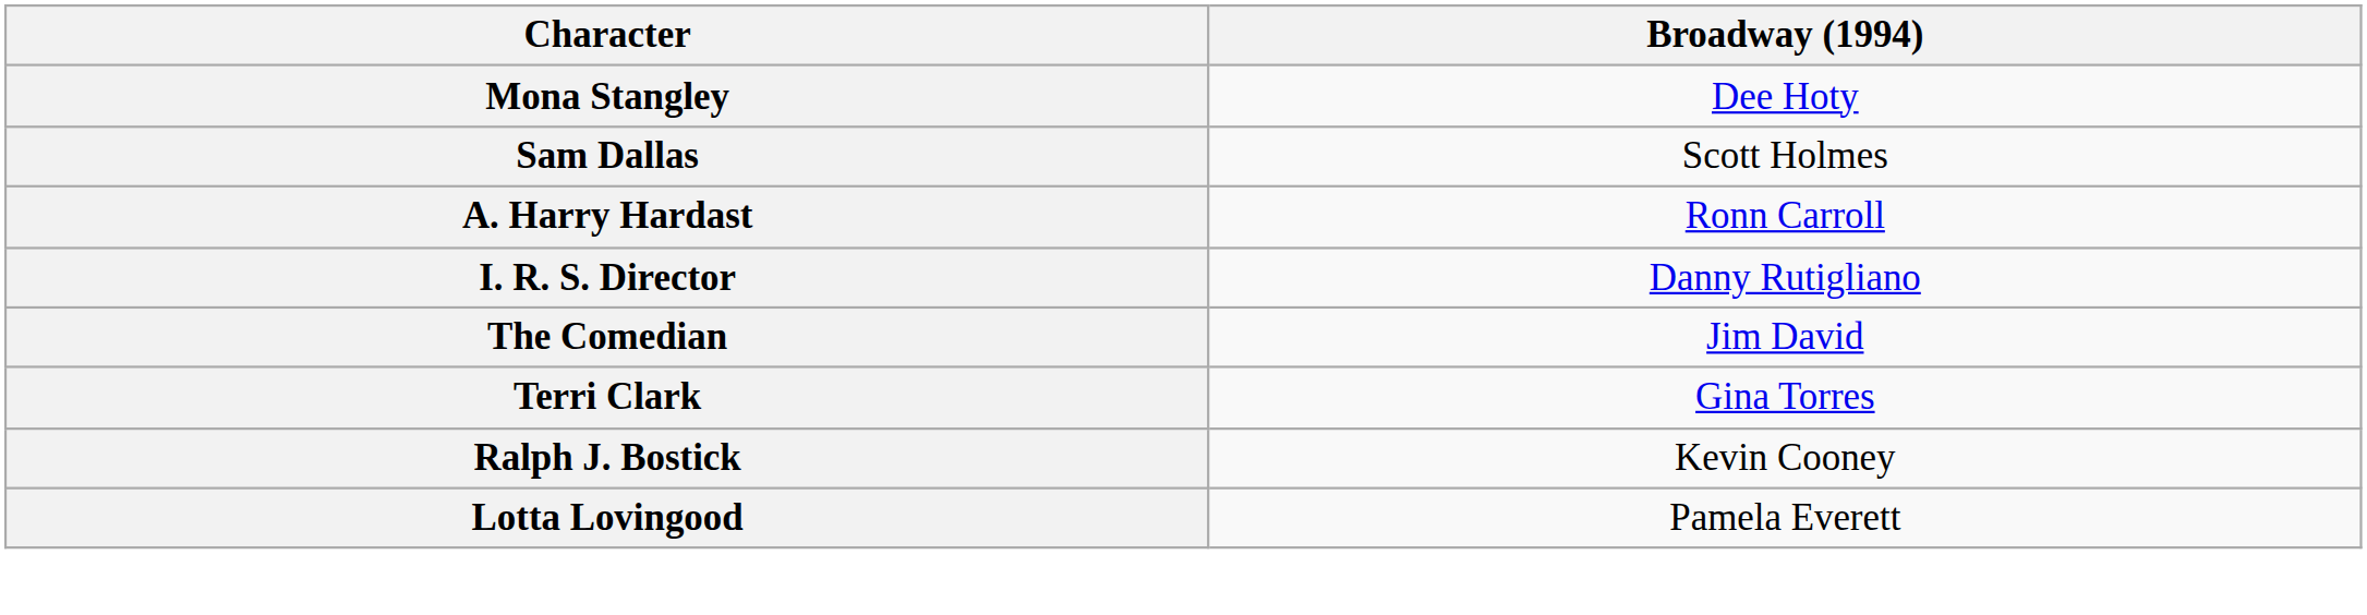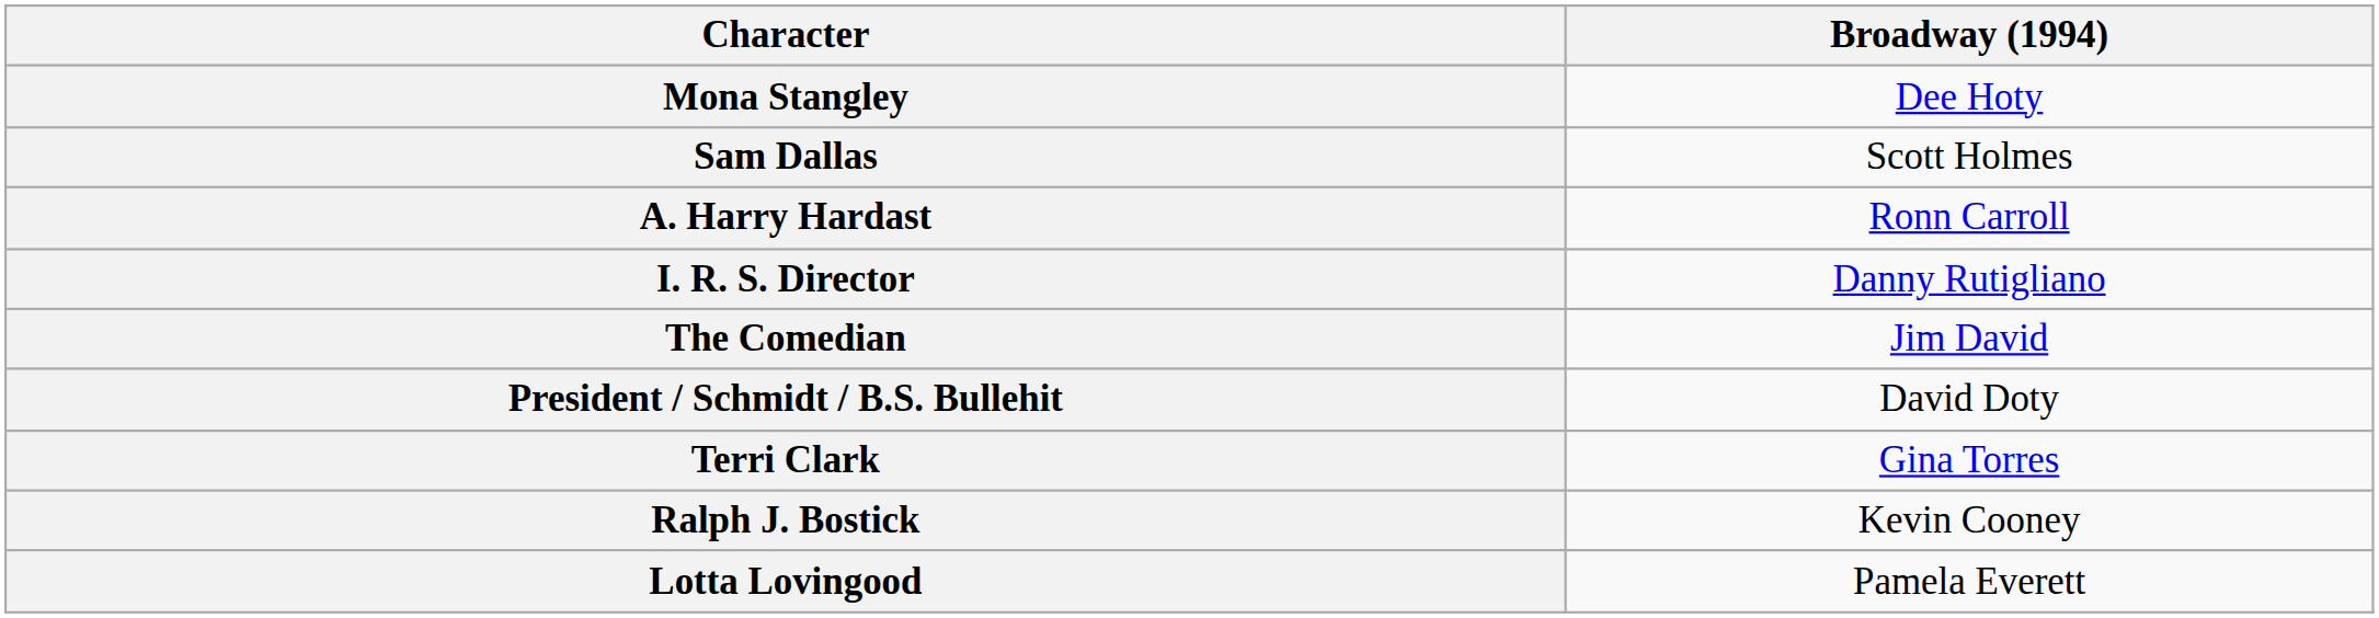 <table class="wikitable" style="width:50%; text-align:center">
 <tr>
 <th scope="col">Character</th>
 <th>Broadway (1994)</th>
 </tr>
 <tr>
 <th>Mona  Stangley</th>
 <td colspan="1"><a href='#'>Dee Hoty</a></td>
 </tr>
 <tr>
 <th>Sam Dallas</th>
 <td colspan="1”">Scott Holmes</td>
 </tr>
 <tr>
 <th>A. Harry Hardast</th>
 <td colspan="1”"><a href='#'>Ronn Carroll</a></td>
 </tr>
 <tr>
 <th>I. R. S. Director</th>
 <td colspan="1"><a href='#'>Danny Rutigliano</a></td>
 </tr>
 <tr>
 <th>The Comedian</th>
 <td colspan="1"><a href='#'>Jim David</a></td>
 </tr>
 <tr>
+<th>President / Schmidt / B.S. Bullehit</th>
+<td colspan="1">David Doty</td>
+</tr>
+<tr>
 <th>Terri Clark</th>
 <td colspan="1"><a href='#'>Gina Torres</a></td>
 </tr>
 <tr>
 <th>Ralph J. Bostick</th>
 <td colspan="1">Kevin Cooney</td>
 </tr>
 <tr>
 <th>Lotta Lovingood</th>
 <td colspan="1">Pamela Everett</td>
 </tr>
 </table>
